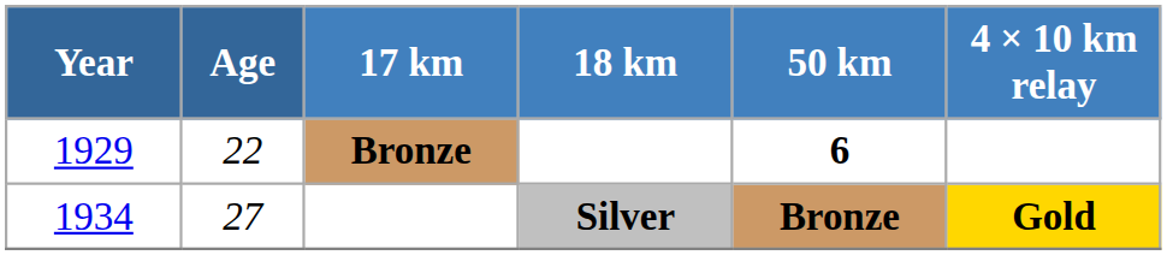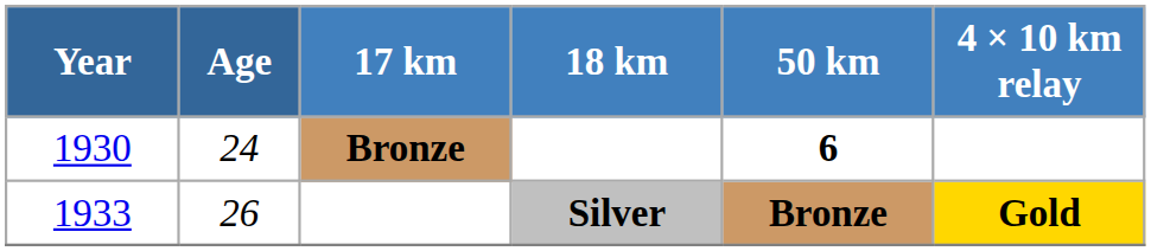 <table class="wikitable" style="font-size:95%; text-align:center; border:grey solid 1px; border-collapse:collapse; background:#ffffff;">
 <tr>
 <th style="background-color:#369; color:white; width:60px;"> Year </th>
 <th style="background-color:#369; color:white; width:40px;"> Age </th>
 <th style="background-color:#4180be; color:white; width:75px;"> 17 km </th>
 <th style="background-color:#4180be; color:white; width:75px;"> 18 km </th>
 <th style="background-color:#4180be; color:white; width:75px;"> 50 km </th>
 <th style="background-color:#4180be; color:white; width:75px;"> 4 × 10 km <br> relay </th>
 </tr>
 <tr>
-<td><a href='#'>1929</a></td>
-<td><em>22</em></td>
+<td><a href='#'>1930</a></td>
+<td><em>24</em></td>
 <td bgcolor="cc9966"><strong>Bronze</strong></td>
 <td></td>
 <td><strong>6</strong></td>
 <td></td>
 </tr>
 <tr>
-<td><a href='#'>1934</a></td>
-<td><em>27</em></td>
+<td><a href='#'>1933</a></td>
+<td><em>26</em></td>
 <td></td>
 <td style="background:silver;"><strong>Silver</strong></td>
 <td bgcolor="cc9966"><strong>Bronze</strong></td>
 <td style="background:gold;"><strong>Gold</strong></td>
 </tr>
 <tr>
 </tr>
 </table>
